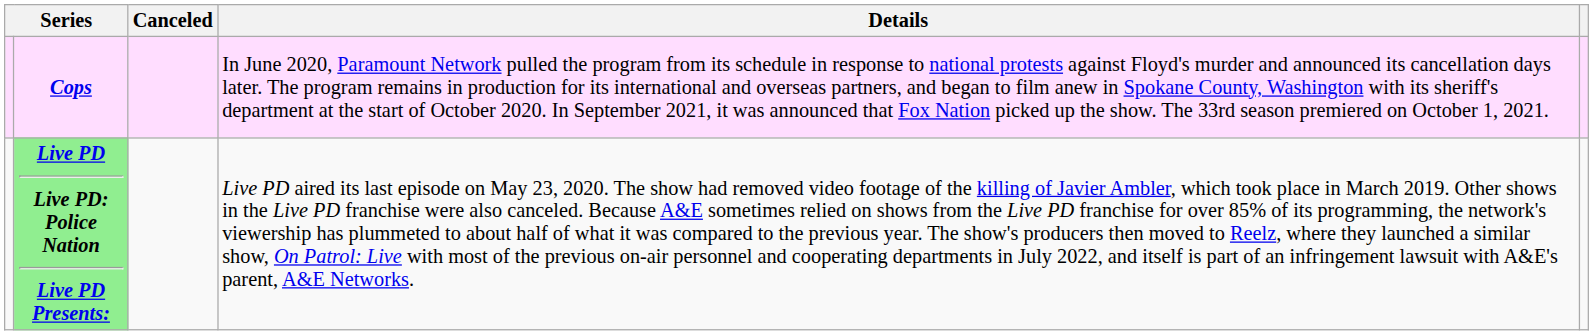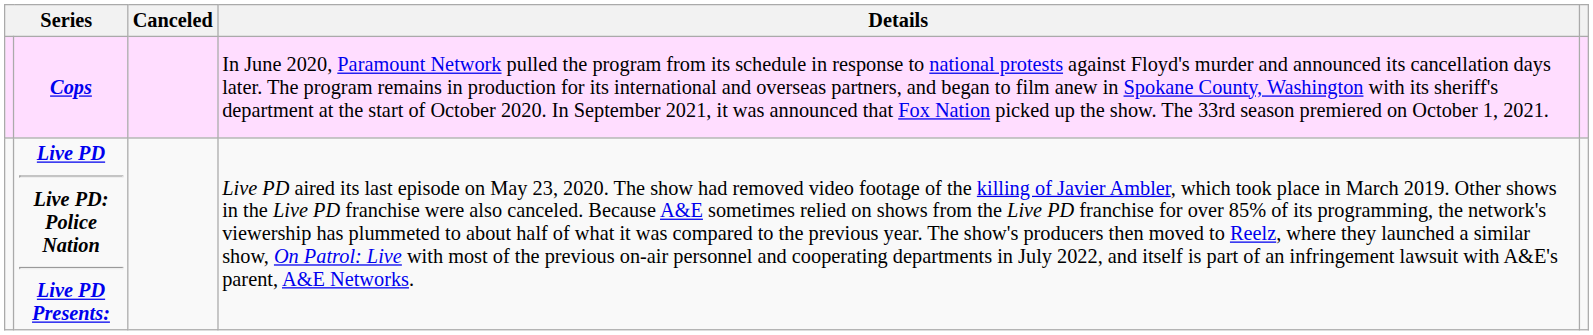 <table class="wikitable sortable" style="text-align:left">
 <tr>
 <th colspan="2">Series</th>
 <th>Canceled</th>
 <th>Details</th>
 <th class="unsortable"></th>
 </tr>
 <tr style="background-color: #FDF">
 <td></td>
 <td style="text-align: center; font-weight: bold"><em><a href='#'>Cops</a></em></td>
 <td></td>
 <td>In June 2020, <a href='#'>Paramount Network</a> pulled the program from its schedule in response to <a href='#'>national protests</a> against Floyd's murder and announced its cancellation days later. The program remains in production for its international and overseas partners, and began to film anew in <a href='#'>Spokane County, Washington</a> with its sheriff's department at the start of October 2020. In September 2021, it was announced that <a href='#'>Fox Nation</a> picked up the show. The 33rd season premiered on October 1, 2021.</td>
 <td><br><br><br><br></td>
 </tr>
 <tr>
 <td></td>
-<td style="background: lightgreen; text-align: center; font-weight: bold"><em><a href='#'>Live&nbsp;PD</a></em><hr><em>Live PD: Police Nation</em><hr><em><a href='#'>Live PD Presents: </a></em></td>
+<td style="text-align: center; font-weight: bold"><em><a href='#'>Live&nbsp;PD</a></em><hr><em>Live PD: Police Nation</em><hr><em><a href='#'>Live PD Presents: </a></em></td>
 <td></td>
 <td><em>Live PD</em> aired its last episode on May 23, 2020. The show had removed video footage of the <a href='#'>killing of Javier Ambler</a>, which took place in March 2019. Other shows in the <em>Live PD</em> franchise were also canceled. Because <a href='#'>A&E</a> sometimes relied on shows from the <em>Live PD</em> franchise for over 85% of its programming, the network's viewership has plummeted to about half of what it was compared to the previous year. The show's producers then moved to <a href='#'>Reelz</a>, where they launched a similar show, <em><a href='#'>On Patrol: Live</a></em> with most of the previous on-air personnel and cooperating departments in July 2022, and itself is part of an infringement lawsuit with A&E's parent, <a href='#'>A&E Networks</a>.</td>
 <td><br></td>
 </tr>
 </table>
